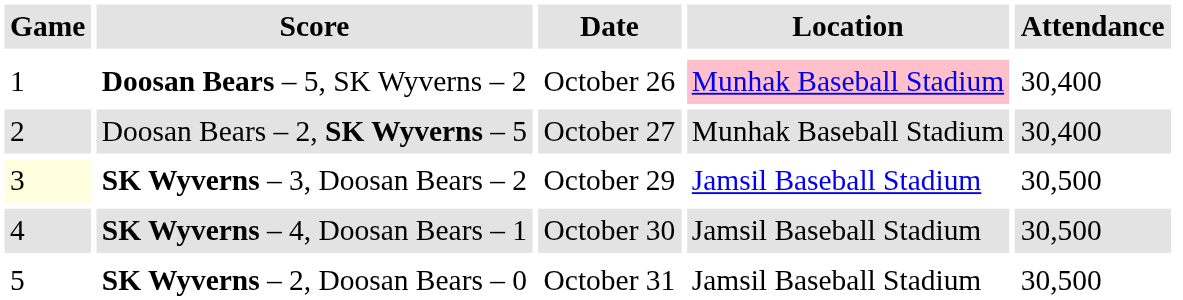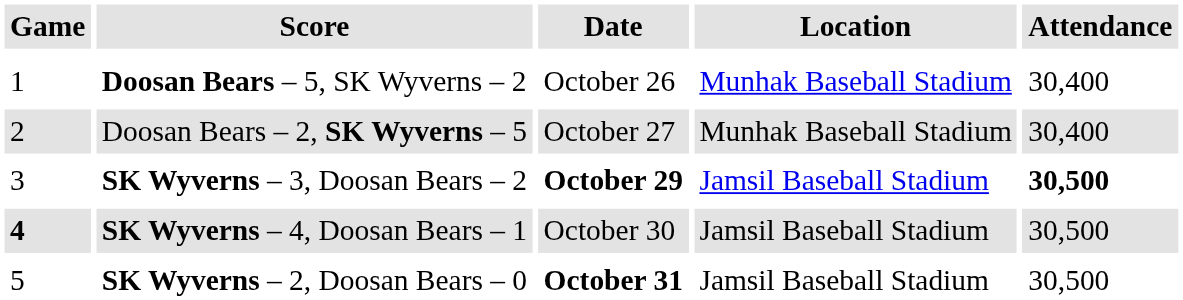 <table border="0" cellspacing="3" cellpadding="3">
 <tr style="background: #e3e3e3;">
 <th>Game</th>
 <th>Score</th>
 <th>Date</th>
 <th>Location</th>
 <th>Attendance</th>
 </tr>
 <tr style="background: #e3e3e3;">
 </tr>
 <tr>
 <td>1</td>
 <td><strong>Doosan Bears</strong> – 5, SK Wyverns – 2</td>
 <td>October 26</td>
-<td style="background: pink;"><a href='#'>Munhak Baseball Stadium</a></td>
+<td><a href='#'>Munhak Baseball Stadium</a></td>
 <td>30,400</td>
 </tr>
 <tr style="background: #e3e3e3;">
 <td>2</td>
 <td>Doosan Bears – 2, <strong>SK Wyverns</strong> – 5</td>
 <td>October 27</td>
 <td>Munhak Baseball Stadium</td>
 <td>30,400</td>
 </tr>
 <tr>
-<td style="background: lightyellow;">3</td>
+<td>3</td>
 <td><strong>SK Wyverns</strong> – 3, Doosan Bears – 2</td>
-<td>October 29</td>
+<td><strong>October 29</strong></td>
 <td><a href='#'>Jamsil Baseball Stadium</a></td>
-<td>30,500</td>
+<td><strong>30,500</strong></td>
 </tr>
 <tr style="background: #e3e3e3;">
-<td>4</td>
+<td><strong>4</strong></td>
 <td><strong>SK Wyverns</strong> – 4, Doosan Bears – 1</td>
 <td>October 30</td>
 <td>Jamsil Baseball Stadium</td>
 <td>30,500</td>
 </tr>
 <tr>
 <td>5</td>
 <td><strong>SK Wyverns</strong> – 2, Doosan Bears – 0</td>
-<td>October 31</td>
+<td><strong>October 31</strong></td>
 <td>Jamsil Baseball Stadium</td>
 <td>30,500</td>
 </tr>
 </table>
